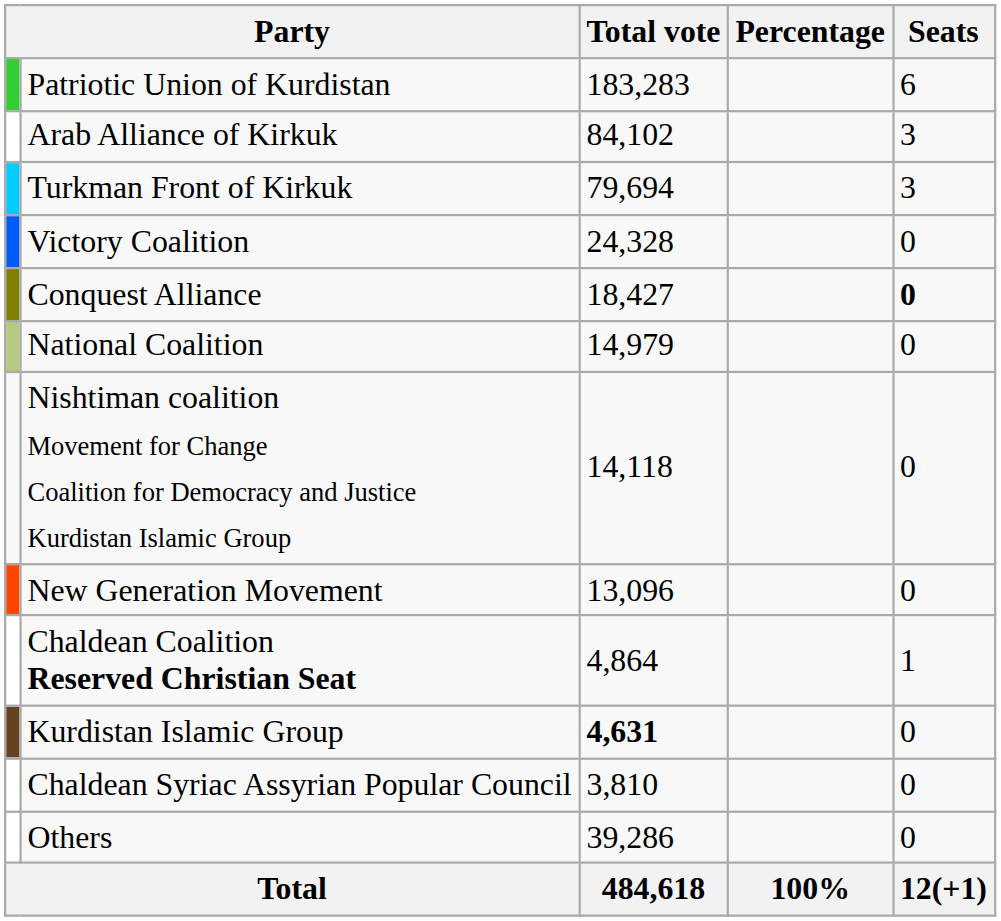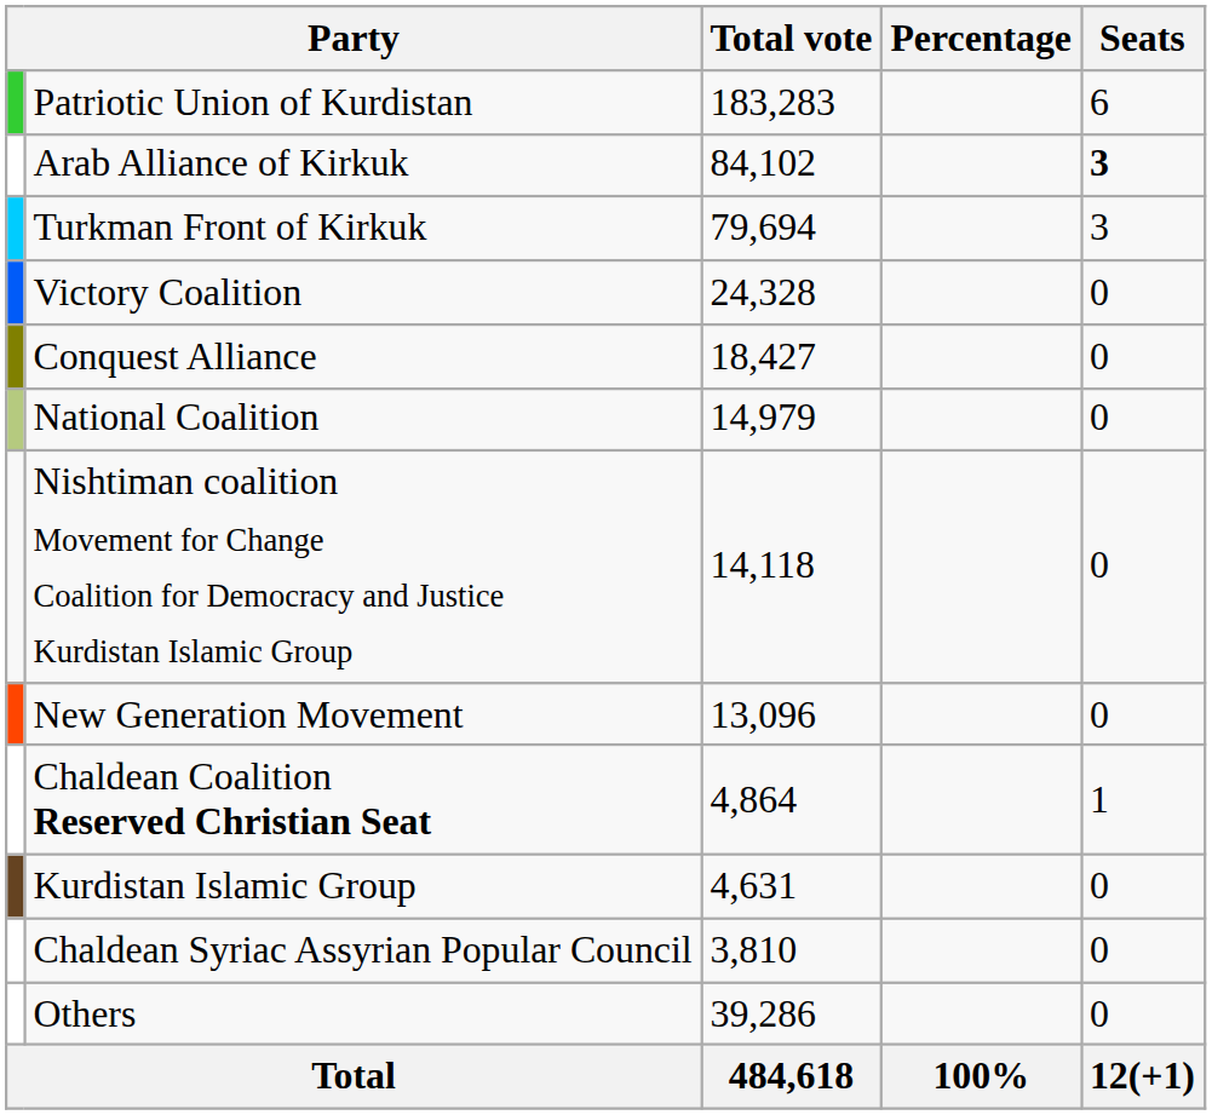 <table class="wikitable sortable" style="border:1px solid #8888aa; background:#f8f8f8; padding:0; font-size:90%;">
 <tr style="background:#e9e9e9;">
 <th colspan=2>Party</th>
 <th>Total vote</th>
 <th>Percentage</th>
 <th>Seats</th>
 </tr>
 <tr>
 <td style="background:#32cd32;"></td>
 <td>Patriotic Union of Kurdistan</td>
 <td>183,283</td>
 <td></td>
 <td>6</td>
 </tr>
 <tr>
 <td style="background:#fff;"></td>
 <td>Arab Alliance of Kirkuk</td>
 <td>84,102</td>
 <td></td>
-<td>3</td>
+<td><strong>3</strong></td>
 </tr>
 <tr>
 <td style="background:#00CCFF;"></td>
 <td>Turkman Front of Kirkuk</td>
 <td>79,694</td>
 <td></td>
 <td>3</td>
 </tr>
 <tr>
 <td style="background:#005bf9;"></td>
 <td>Victory Coalition</td>
 <td>24,328</td>
 <td></td>
 <td>0</td>
 </tr>
 <tr>
 <td style="background:olive;"></td>
 <td>Conquest Alliance</td>
 <td>18,427</td>
 <td></td>
-<td><strong>0</strong></td>
+<td>0</td>
 </tr>
 <tr>
 <td style="background:#b5ca7f;"></td>
 <td>National Coalition</td>
 <td>14,979</td>
 <td></td>
 <td>0</td>
 </tr>
 <tr>
 <td></td>
 <td>Nishtiman coalition<br><sub>Movement for Change<br>Coalition for Democracy and Justice<br>Kurdistan Islamic Group</sub></td>
 <td>14,118</td>
 <td></td>
 <td>0</td>
 </tr>
 <tr>
 <td style="background:#ff4500;"></td>
 <td>New Generation Movement</td>
 <td>13,096</td>
 <td></td>
 <td>0</td>
 </tr>
 <tr>
 <td style="background:#ffffff;"></td>
 <td>Chaldean Coalition<br><strong>Reserved Christian Seat</strong></td>
 <td>4,864</td>
 <td></td>
 <td>1</td>
 </tr>
 <tr>
 <td style="background:#654321;"></td>
 <td>Kurdistan Islamic Group</td>
-<td><strong>4,631</strong></td>
+<td>4,631</td>
 <td></td>
 <td>0</td>
 </tr>
 <tr>
 <td style="background:#ffffff;"></td>
 <td>Chaldean Syriac Assyrian Popular Council</td>
 <td>3,810</td>
 <td></td>
 <td>0</td>
 </tr>
 <tr>
 <td style="background:#ffffff;"></td>
 <td>Others</td>
 <td>39,286</td>
 <td></td>
 <td>0</td>
 </tr>
 <tr>
 <th colspan=2>Total</th>
 <th>484,618</th>
 <th>100%</th>
 <th>12(+1)</th>
 </tr>
 </table>
